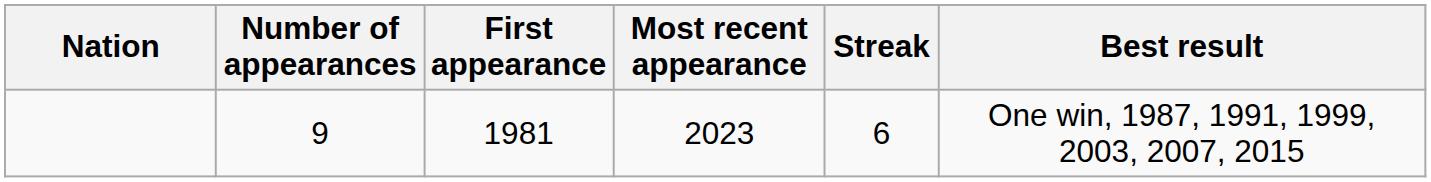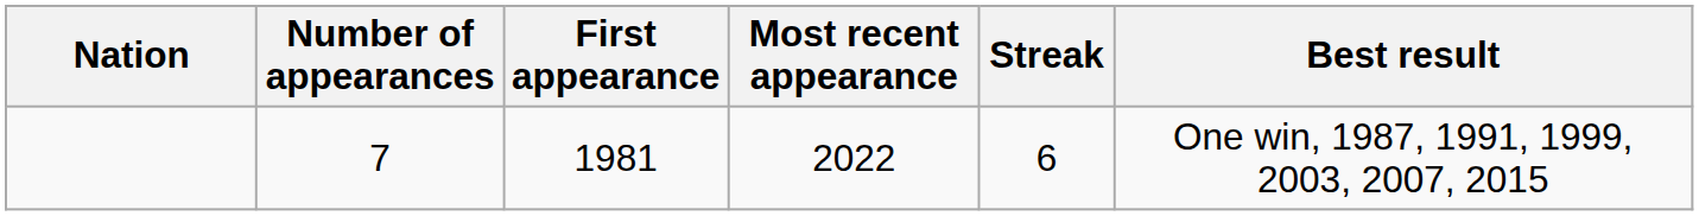 <table class="wikitable sortable" style="text-align:center">
 <tr>
 <th width="100">Nation</th>
 <th width="60">Number of appearances</th>
 <th width="60">First appearance</th>
 <th width="100">Most recent appearance</th>
 <th width="50">Streak</th>
 <th width="240">Best result</th>
 </tr>
 <tr>
 <td align=left></td>
-<td>9</td>
+<td>7</td>
 <td>1981</td>
-<td>2023</td>
+<td>2022</td>
 <td>6</td>
 <td>One win, 1987, 1991, 1999, 2003, 2007, 2015</td>
 </tr>
 </table>
